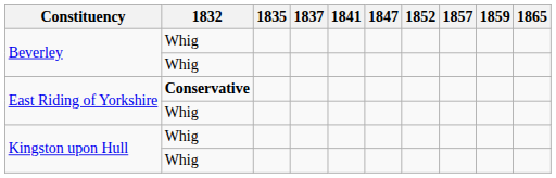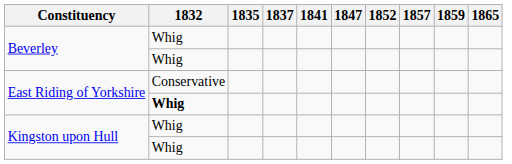 <table class=wikitable sortable>
 <tr>
 <th>Constituency</th>
 <th>1832</th>
 <th>1835</th>
 <th>1837</th>
 <th>1841</th>
 <th>1847</th>
 <th>1852</th>
 <th>1857</th>
 <th>1859</th>
 <th>1865</th>
 </tr>
 <tr>
 <td rowspan=2><a href='#'>Beverley</a></td>
 <td bgcolor=>Whig</td>
 <td></td>
 <td></td>
 <td></td>
 <td></td>
 <td></td>
 <td></td>
 <td></td>
 <td></td>
 </tr>
 <tr>
 <td bgcolor=>Whig</td>
 <td></td>
 <td></td>
 <td></td>
 <td></td>
 <td></td>
 <td></td>
 <td></td>
 <td></td>
 </tr>
 <tr>
 <td rowspan=2><a href='#'>East Riding of Yorkshire</a></td>
-<td bgcolor=><strong>Conservative</strong></td>
+<td bgcolor=>Conservative</td>
 <td></td>
 <td></td>
 <td></td>
 <td></td>
 <td></td>
 <td></td>
 <td></td>
 <td></td>
 </tr>
 <tr>
-<td bgcolor=>Whig</td>
+<td bgcolor=><strong>Whig</strong></td>
 <td></td>
 <td></td>
 <td></td>
 <td></td>
 <td></td>
 <td></td>
 <td></td>
 <td></td>
 </tr>
 <tr>
 <td rowspan=2><a href='#'>Kingston upon Hull</a></td>
 <td bgcolor=>Whig</td>
 <td></td>
 <td></td>
 <td></td>
 <td></td>
 <td></td>
 <td></td>
 <td></td>
 <td></td>
 </tr>
 <tr>
 <td bgcolor=>Whig</td>
 <td></td>
 <td></td>
 <td></td>
 <td></td>
 <td></td>
 <td></td>
 <td></td>
 <td></td>
 </tr>
 </table>
